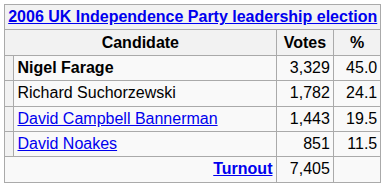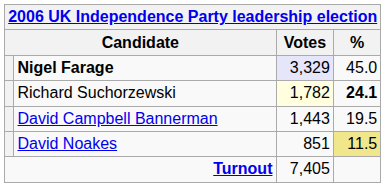 <table class="wikitable">
 <tr>
 <th colspan="4"><a href='#'>2006 UK Independence Party leadership election</a></th>
 </tr>
 <tr>
 <th colspan="2" style="width: 170px">Candidate</th>
 <th style="width: 50px">Votes</th>
 <th style="width: 40px">%</th>
 </tr>
 <tr>
 <th style="background-color: "></th>
 <td><strong>Nigel Farage</strong></td>
-<td align="right">3,329</td>
+<td align="right" style="background: lavender;">3,329</td>
 <td align="right">45.0</td>
 </tr>
 <tr>
 <th style="background-color: "></th>
 <td>Richard Suchorzewski</td>
-<td align="right">1,782</td>
-<td align="right">24.1</td>
+<td align="right" style="background: lightyellow;">1,782</td>
+<td align="right"><strong>24.1</strong></td>
 </tr>
 <tr>
 <th style="background-color: "></th>
 <td><a href='#'>David Campbell Bannerman</a></td>
 <td align="right">1,443</td>
 <td align="right">19.5</td>
 </tr>
 <tr>
 <th style="background-color: "></th>
 <td><a href='#'>David Noakes</a></td>
 <td align="right">851</td>
-<td align="right">11.5</td>
+<td align="right" style="background: khaki;">11.5</td>
 </tr>
 <tr>
 <td colspan="2" align="right"><strong><a href='#'>Turnout</a></strong></td>
 <td align="right">7,405</td>
 <td align="right"></td>
 </tr>
 </table>
